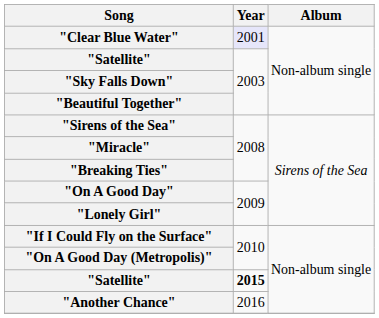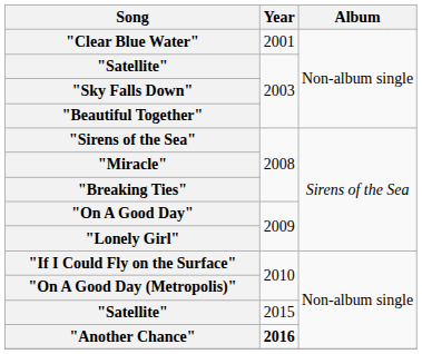 <table class="wikitable plainrowheaders" style="text-align:center;" border="1">
 <tr>
 <th scope="col" style="width:16em;">Song</th>
 <th scope="col">Year</th>
 <th scope="col">Album</th>
 </tr>
 <tr>
 <th scope="row">"Clear Blue Water"</th>
-<td style="background: lavender;">2001</td>
+<td>2001</td>
 <td rowspan="4">Non-album single</td>
 </tr>
 <tr>
 <th scope="row">"Satellite"</th>
 <td rowspan="3">2003</td>
 </tr>
 <tr>
 <th scope="row">"Sky Falls Down"</th>
 </tr>
 <tr>
 <th scope="row">"Beautiful Together"</th>
 </tr>
 <tr>
 <th scope="row">"Sirens of the Sea"</th>
 <td rowspan="3">2008</td>
 <td rowspan="5"><em>Sirens of the Sea</em></td>
 </tr>
 <tr>
 <th scope="row">"Miracle"</th>
 </tr>
 <tr>
 <th scope="row">"Breaking Ties"</th>
 </tr>
 <tr>
 <th scope="row">"On A Good Day"</th>
 <td rowspan="2">2009</td>
 </tr>
 <tr>
 <th scope="row">"Lonely Girl"</th>
 </tr>
 <tr>
 <th scope="row">"If I Could Fly on the Surface"<br></th>
 <td rowspan="2">2010</td>
 <td rowspan="4">Non-album single</td>
 </tr>
 <tr>
 <th scope="row">"On A Good Day (Metropolis)"<br></th>
 </tr>
 <tr>
 <th scope="row">"Satellite"<br></th>
-<td><strong>2015</strong></td>
+<td>2015</td>
 </tr>
 <tr>
 <th scope="row">"Another Chance"</th>
-<td>2016</td>
+<td><strong>2016</strong></td>
 </tr>
 <tr>
 </tr>
 </table>
